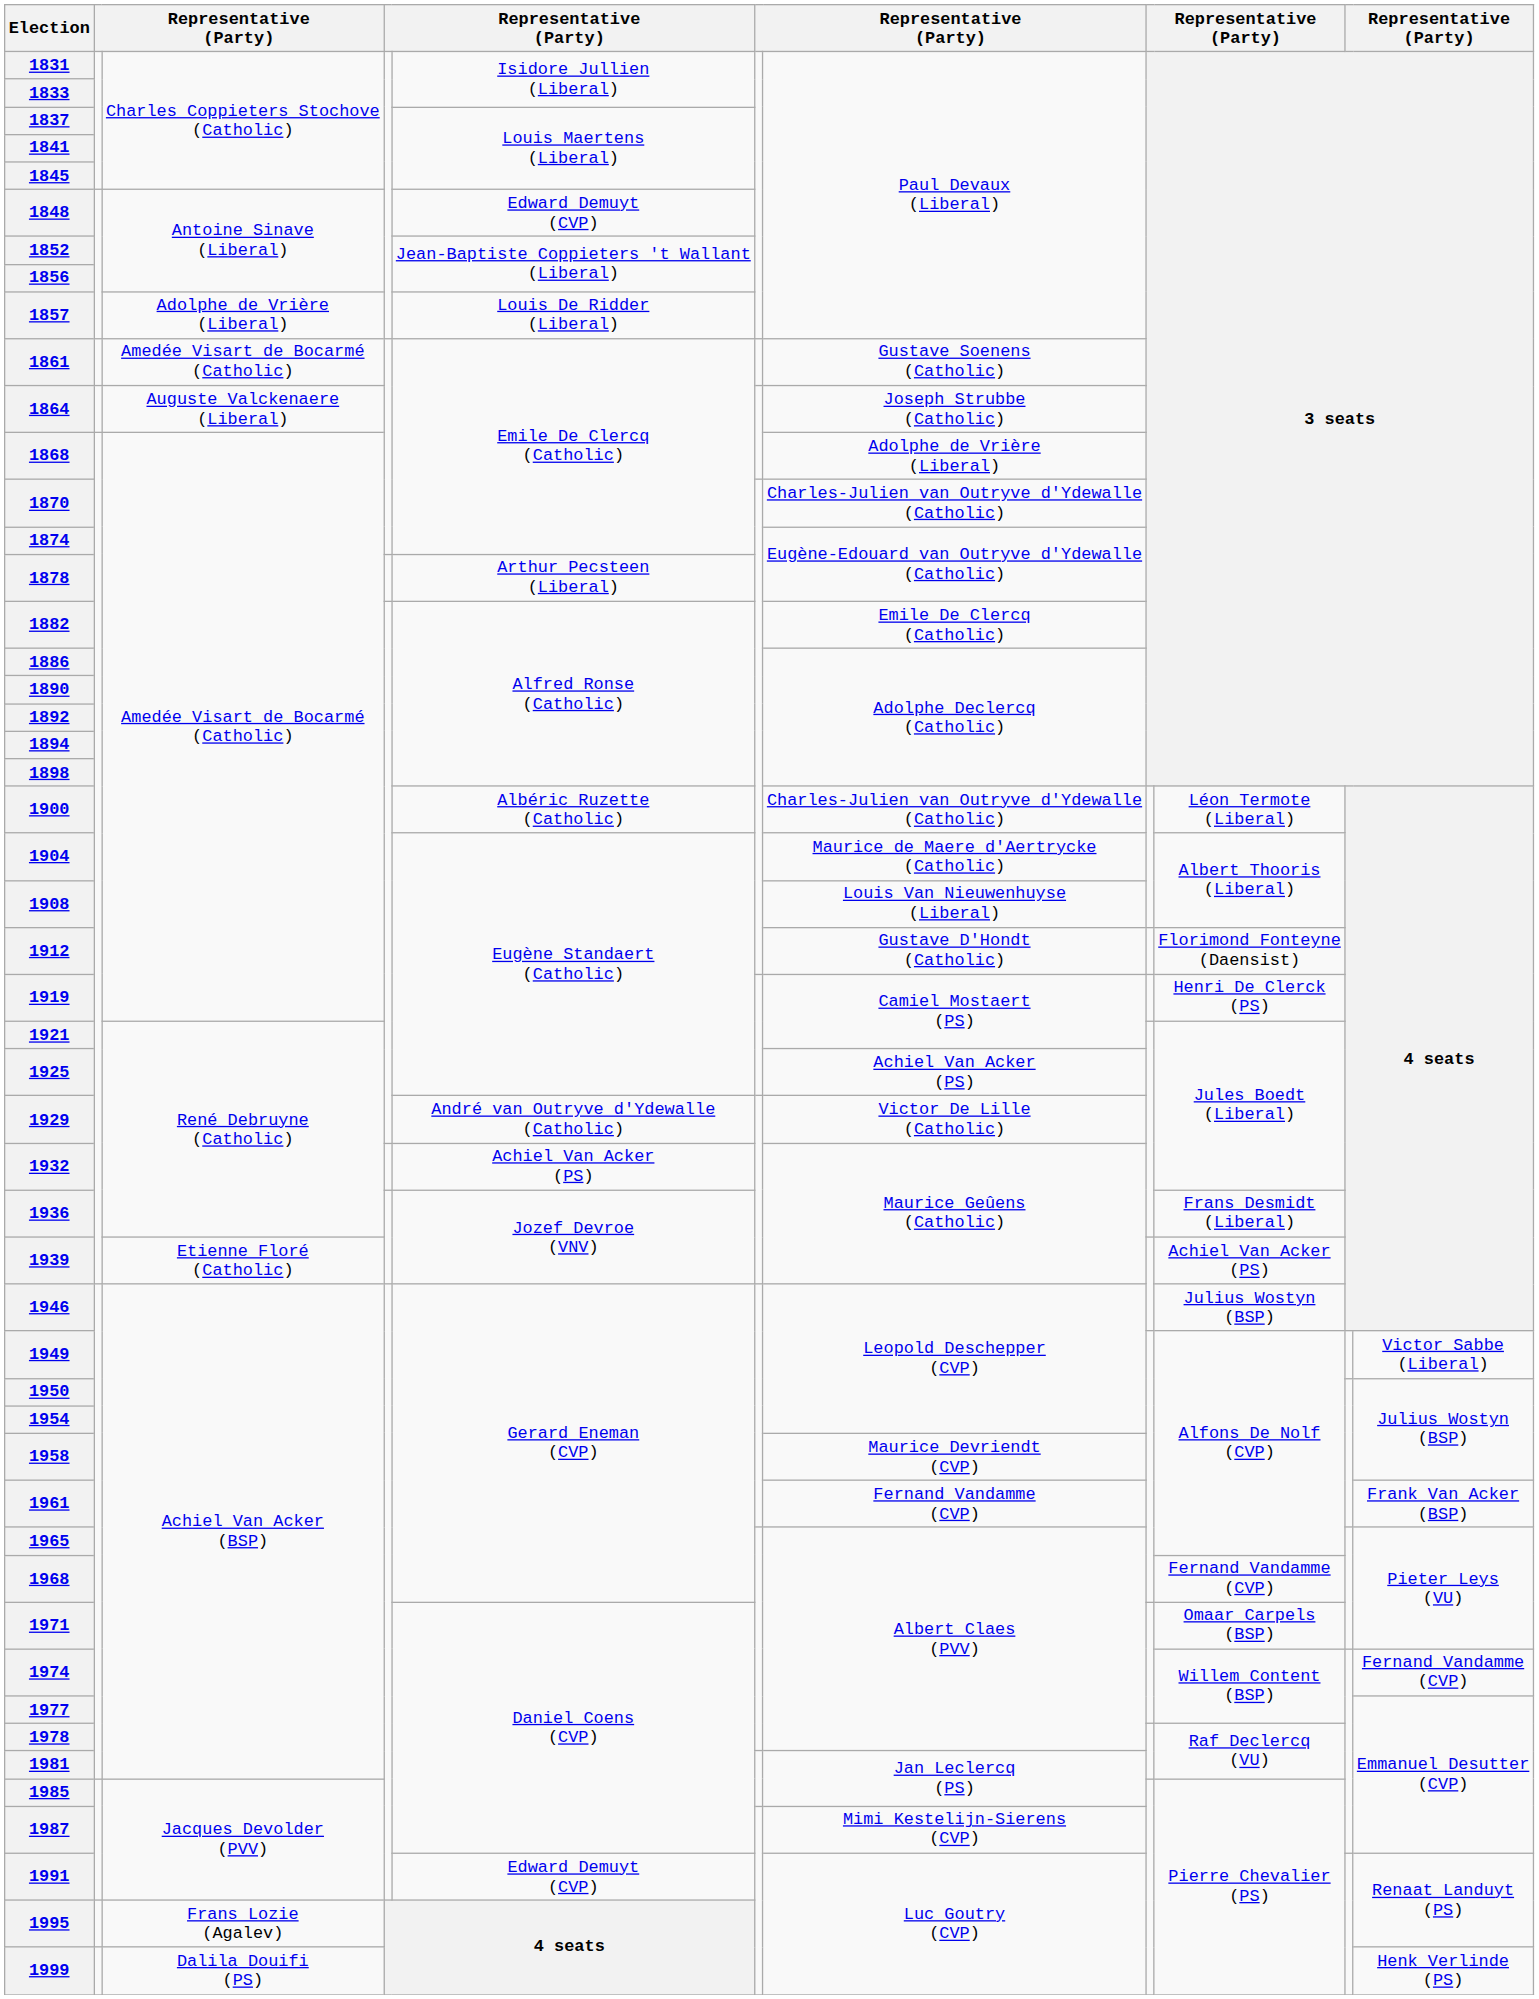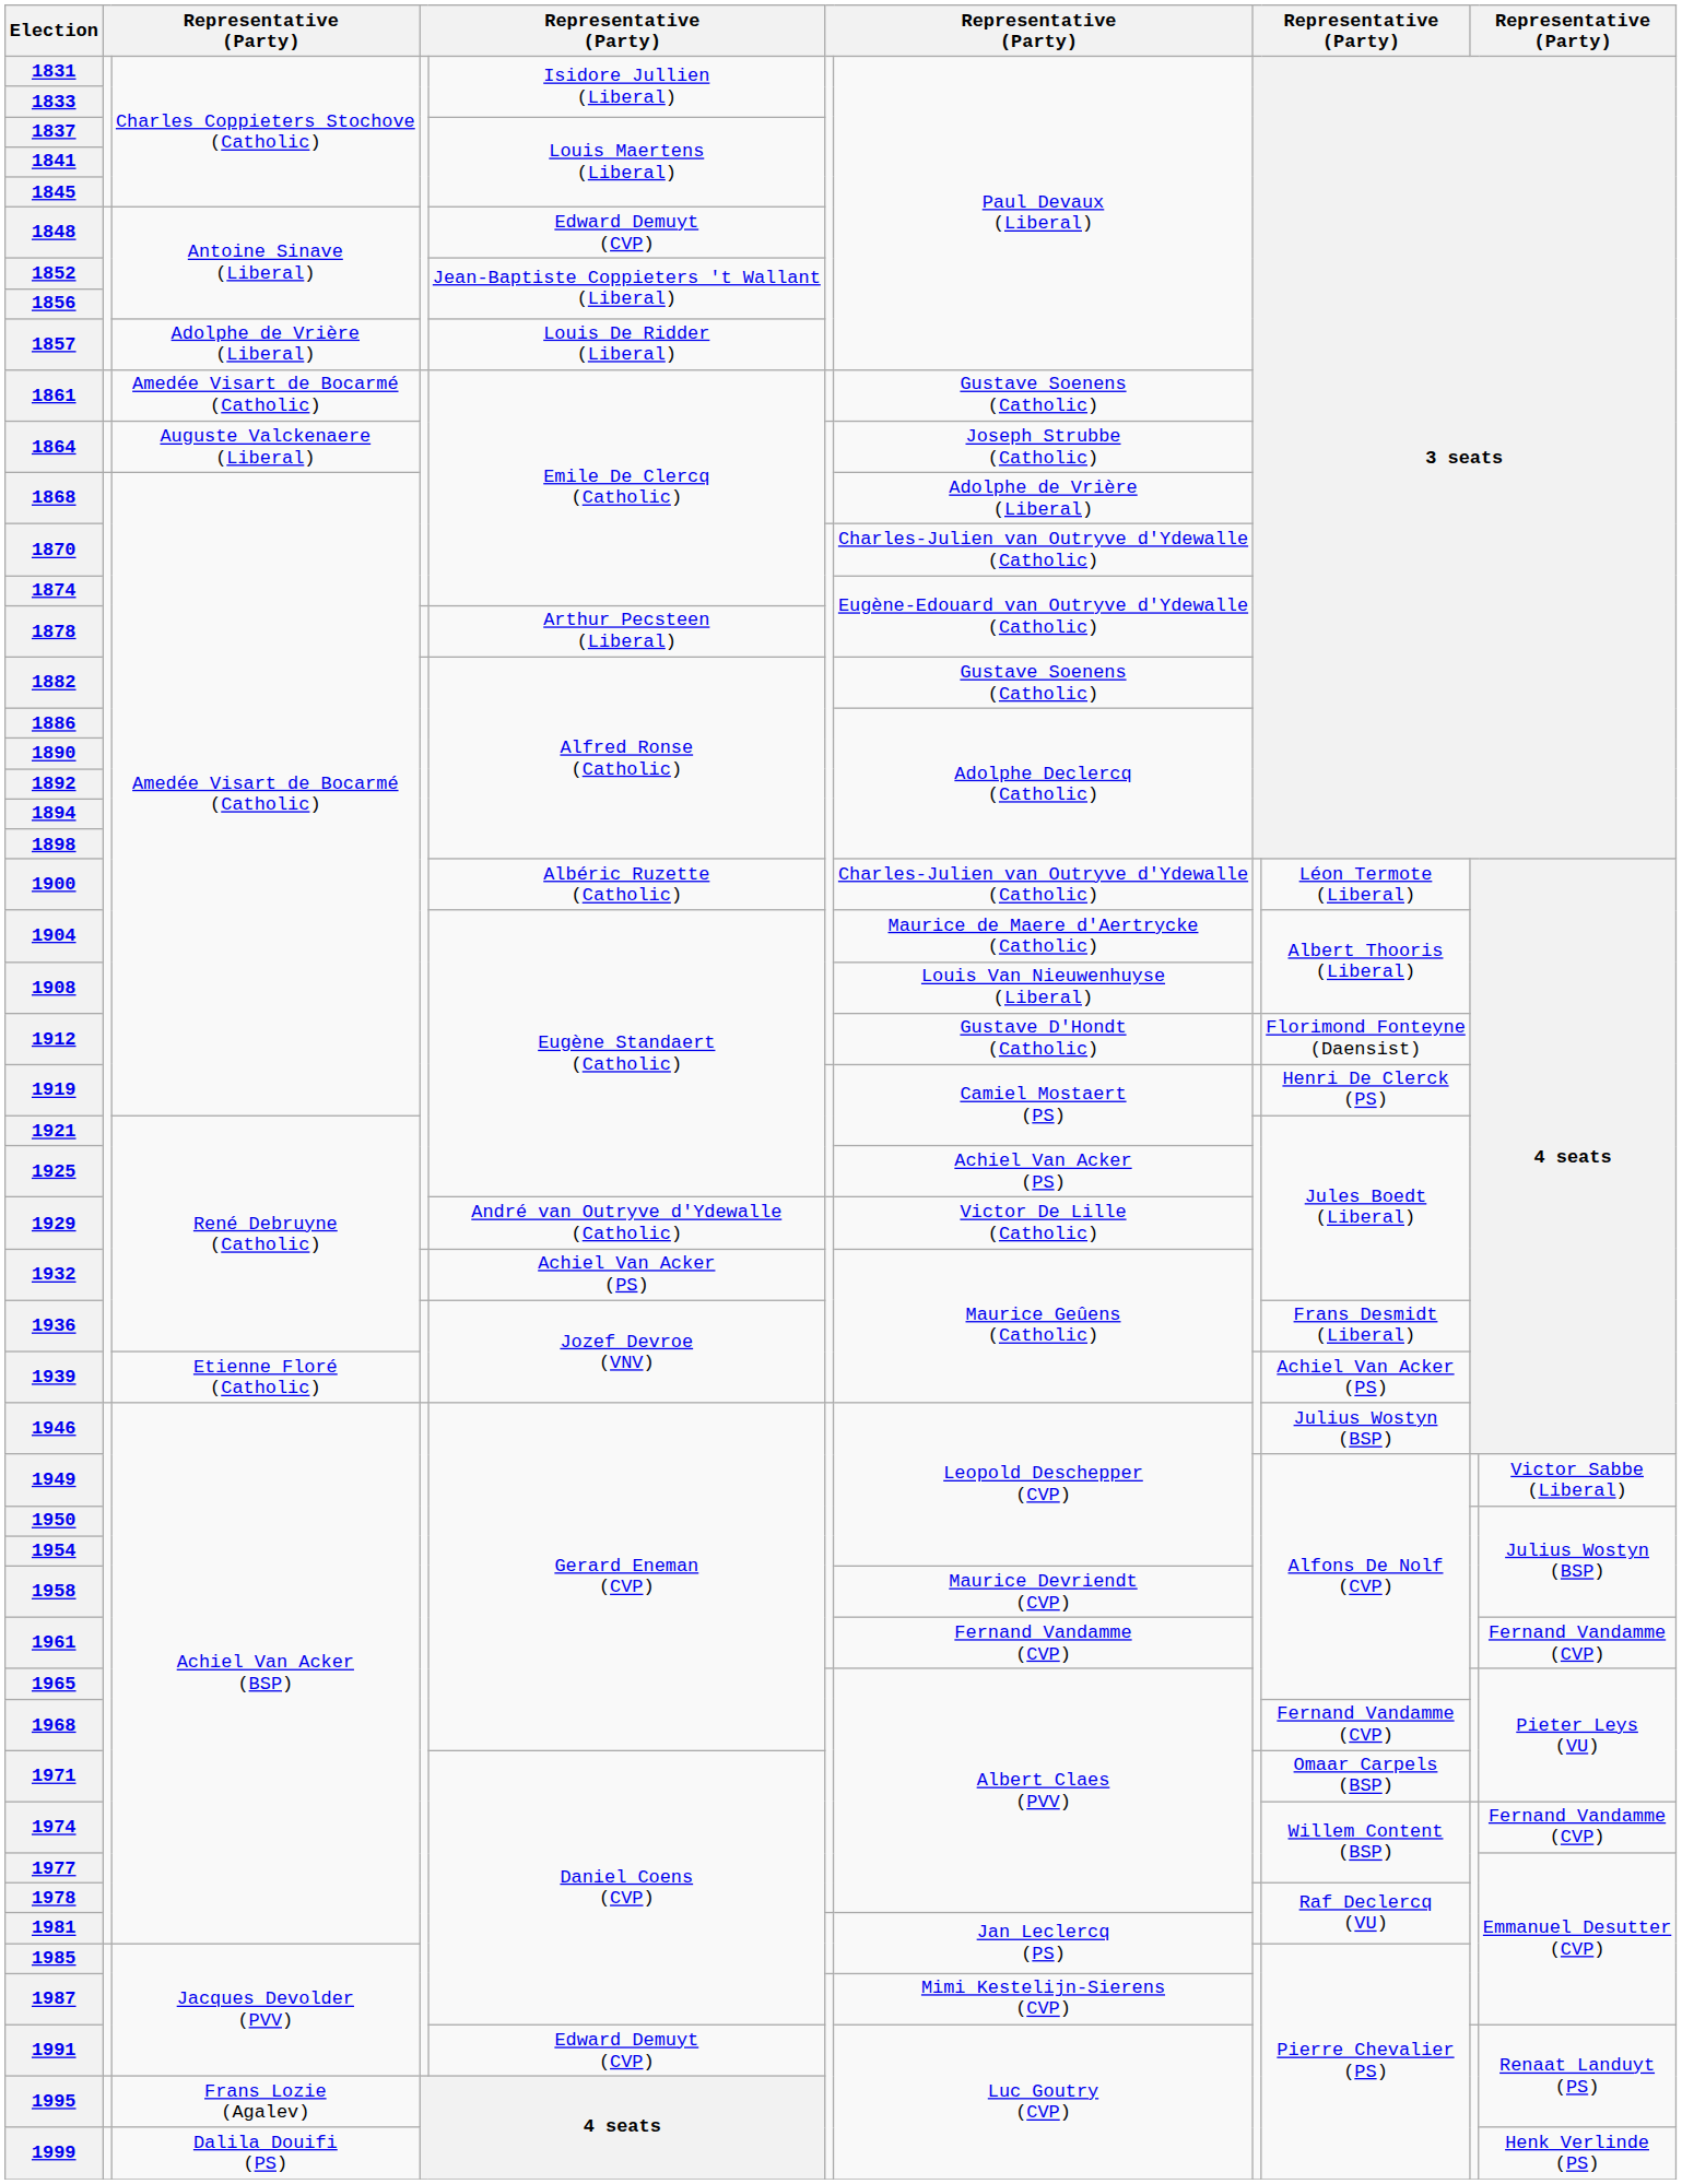 <table class="wikitable" style="text-align:center">
 <tr>
 <th>Election</th>
 <th colspan=2>Representative<br>(Party)</th>
 <th colspan=2>Representative<br>(Party)</th>
 <th colspan=2>Representative<br>(Party)</th>
 <th colspan=2>Representative<br>(Party)</th>
 <th colspan=2>Representative<br>(Party)</th>
 </tr>
 <tr>
 <th><a href='#'>1831</a></th>
 <td rowspan=5; style="background-color: "></td>
 <td rowspan=5><a href='#'>Charles Coppieters Stochove</a><br>(<a href='#'>Catholic</a>)</td>
 <td rowspan=9; style="background-color: "></td>
 <td rowspan=2><a href='#'>Isidore Jullien</a><br>(<a href='#'>Liberal</a>)</td>
 <td rowspan=9; style="background-color: "></td>
 <td rowspan=9><a href='#'>Paul Devaux</a><br>(<a href='#'>Liberal</a>)</td>
 <th colspan=4; rowspan=21>3 seats</th>
 </tr>
 <tr>
 <th><a href='#'>1833</a></th>
 </tr>
 <tr>
 <th><a href='#'>1837</a></th>
 <td rowspan=3><a href='#'>Louis Maertens</a><br>(<a href='#'>Liberal</a>)</td>
 </tr>
 <tr>
 <th><a href='#'>1841</a></th>
 </tr>
 <tr>
 <th><a href='#'>1845</a></th>
 </tr>
 <tr>
 <th><a href='#'>1848</a></th>
 <td rowspan=4; style="background-color: "></td>
 <td rowspan=3><a href='#'>Antoine Sinave</a><br>(<a href='#'>Liberal</a>)</td>
 <td rowspan=1><a href='#'>Edward Demuyt</a><br>(<a href='#'>CVP</a>)</td>
 </tr>
 <tr>
 <th><a href='#'>1852</a></th>
 <td rowspan=2><a href='#'>Jean-Baptiste Coppieters 't Wallant</a><br>(<a href='#'>Liberal</a>)</td>
 </tr>
 <tr>
 <th><a href='#'>1856</a></th>
 </tr>
 <tr>
 <th><a href='#'>1857</a></th>
 <td rowspan=1><a href='#'>Adolphe de Vrière</a><br>(<a href='#'>Liberal</a>)</td>
 <td rowspan=1><a href='#'>Louis De Ridder</a><br>(<a href='#'>Liberal</a>)</td>
 </tr>
 <tr>
 <th><a href='#'>1861</a></th>
 <td rowspan=1; style="background-color: "></td>
 <td rowspan=1><a href='#'>Amedée Visart de Bocarmé</a><br>(<a href='#'>Catholic</a>)</td>
 <td rowspan=5; style="background-color: "></td>
 <td rowspan=5><a href='#'>Emile De Clercq</a><br>(<a href='#'>Catholic</a>)</td>
 <td rowspan=1; style="background-color: "></td>
 <td rowspan=1><a href='#'>Gustave Soenens</a><br>(<a href='#'>Catholic</a>)</td>
 </tr>
 <tr>
 <th><a href='#'>1864</a></th>
 <td rowspan=1; style="background-color: "></td>
 <td rowspan=1><a href='#'>Auguste Valckenaere</a><br>(<a href='#'>Liberal</a>)</td>
 <td rowspan=2; style="background-color: "></td>
 <td rowspan=1><a href='#'>Joseph Strubbe</a><br>(<a href='#'>Catholic</a>)</td>
 </tr>
 <tr>
 <th><a href='#'>1868</a></th>
 <td rowspan=21; style="background-color: "></td>
 <td rowspan=15><a href='#'>Amedée Visart de Bocarmé</a><br>(<a href='#'>Catholic</a>)</td>
 <td rowspan=1><a href='#'>Adolphe de Vrière</a><br>(<a href='#'>Liberal</a>)</td>
 </tr>
 <tr>
 <th><a href='#'>1870</a></th>
 <td rowspan=13; style="background-color: "></td>
 <td rowspan=1><a href='#'>Charles-Julien van Outryve d'Ydewalle</a><br>(<a href='#'>Catholic</a>)</td>
 </tr>
 <tr>
 <th><a href='#'>1874</a></th>
 <td rowspan=2><a href='#'>Eugène-Edouard van Outryve d'Ydewalle</a><br>(<a href='#'>Catholic</a>)</td>
 </tr>
 <tr>
 <th><a href='#'>1878</a></th>
 <td rowspan=1; style="background-color: "></td>
 <td rowspan=1><a href='#'>Arthur Pecsteen</a><br>(<a href='#'>Liberal</a>)</td>
 </tr>
 <tr>
 <th><a href='#'>1882</a></th>
 <td rowspan=14; style="background-color: "></td>
 <td rowspan=6><a href='#'>Alfred Ronse</a><br>(<a href='#'>Catholic</a>)</td>
-<td rowspan=1><a href='#'>Emile De Clercq</a><br>(<a href='#'>Catholic</a>)</td>
+<td rowspan=1><a href='#'>Gustave Soenens</a><br>(<a href='#'>Catholic</a>)</td>
 </tr>
 <tr>
 <th><a href='#'>1886</a></th>
 <td rowspan=5><a href='#'>Adolphe Declercq</a><br>(<a href='#'>Catholic</a>)</td>
 </tr>
 <tr>
 <th><a href='#'>1890</a></th>
 </tr>
 <tr>
 <th><a href='#'>1892</a></th>
 </tr>
 <tr>
 <th><a href='#'>1894</a></th>
 </tr>
 <tr>
 <th><a href='#'>1898</a></th>
 </tr>
 <tr>
 <th><a href='#'>1900</a></th>
 <td rowspan=1><a href='#'>Albéric Ruzette</a><br>(<a href='#'>Catholic</a>)</td>
 <td rowspan=1><a href='#'>Charles-Julien van Outryve d'Ydewalle</a><br>(<a href='#'>Catholic</a>)</td>
 <td rowspan=3; style="background-color: "></td>
 <td rowspan=1><a href='#'>Léon Termote</a><br>(<a href='#'>Liberal</a>)</td>
 <th colspan=2; rowspan=12>4 seats</th>
 </tr>
 <tr>
 <th><a href='#'>1904</a></th>
 <td rowspan=6><a href='#'>Eugène Standaert</a><br>(<a href='#'>Catholic</a>)</td>
 <td rowspan=1><a href='#'>Maurice de Maere d'Aertrycke</a><br>(<a href='#'>Catholic</a>)</td>
 <td rowspan=2><a href='#'>Albert Thooris</a><br>(<a href='#'>Liberal</a>)</td>
 </tr>
 <tr>
 <th><a href='#'>1908</a></th>
 <td rowspan=1><a href='#'>Louis Van Nieuwenhuyse</a><br>(<a href='#'>Liberal</a>)</td>
 </tr>
 <tr>
 <th><a href='#'>1912</a></th>
 <td rowspan=1><a href='#'>Gustave D'Hondt</a><br>(<a href='#'>Catholic</a>)</td>
 <td rowspan=1; style="background-color: "></td>
 <td rowspan=1><a href='#'>Florimond Fonteyne</a><br>(Daensist)</td>
 </tr>
 <tr>
 <th><a href='#'>1919</a></th>
 <td rowspan=3; style="background-color: "></td>
 <td rowspan=2><a href='#'>Camiel Mostaert</a><br>(<a href='#'>PS</a>)</td>
 <td rowspan=1; style="background-color: "></td>
 <td rowspan=1><a href='#'>Henri De Clerck</a><br>(<a href='#'>PS</a>)</td>
 </tr>
 <tr>
 <th><a href='#'>1921</a></th>
 <td rowspan=5><a href='#'>René Debruyne</a><br>(<a href='#'>Catholic</a>)</td>
 <td rowspan=5; style="background-color: "></td>
 <td rowspan=4><a href='#'>Jules Boedt</a><br>(<a href='#'>Liberal</a>)</td>
 </tr>
 <tr>
 <th><a href='#'>1925</a></th>
 <td rowspan=1><a href='#'>Achiel Van Acker</a><br>(<a href='#'>PS</a>)</td>
 </tr>
 <tr>
 <th><a href='#'>1929</a></th>
 <td rowspan=1><a href='#'>André van Outryve d'Ydewalle</a><br>(<a href='#'>Catholic</a>)</td>
 <td rowspan=4; style="background-color: "></td>
 <td rowspan=1><a href='#'>Victor De Lille</a><br>(<a href='#'>Catholic</a>)</td>
 </tr>
 <tr>
 <th><a href='#'>1932</a></th>
 <td rowspan=1; style="background-color: "></td>
 <td rowspan=1><a href='#'>Achiel Van Acker</a><br>(<a href='#'>PS</a>)</td>
 <td rowspan=3><a href='#'>Maurice Geûens</a><br>(<a href='#'>Catholic</a>)</td>
 </tr>
 <tr>
 <th><a href='#'>1936</a></th>
 <td rowspan=2; style="background-color: "></td>
 <td rowspan=2><a href='#'>Jozef Devroe</a><br>(<a href='#'>VNV</a>)</td>
 <td rowspan=1><a href='#'>Frans Desmidt</a><br>(<a href='#'>Liberal</a>)</td>
 </tr>
 <tr>
 <th><a href='#'>1939</a></th>
 <td rowspan=1><a href='#'>Etienne Floré</a><br>(<a href='#'>Catholic</a>)</td>
 <td rowspan=2; style="background-color: "></td>
 <td rowspan=1><a href='#'>Achiel Van Acker</a><br>(<a href='#'>PS</a>)</td>
 </tr>
 <tr>
 <th><a href='#'>1946</a></th>
 <td rowspan=13; style="background-color: "></td>
 <td rowspan=13><a href='#'>Achiel Van Acker</a><br>(<a href='#'>BSP</a>)</td>
 <td rowspan=16; style="background-color: "></td>
 <td rowspan=8><a href='#'>Gerard Eneman</a><br>(<a href='#'>CVP</a>)</td>
 <td rowspan=6; style="background-color: "></td>
 <td rowspan=4><a href='#'>Leopold Deschepper</a><br>(<a href='#'>CVP</a>)</td>
 <td rowspan=1><a href='#'>Julius Wostyn</a><br>(<a href='#'>BSP</a>)</td>
 </tr>
 <tr>
 <th><a href='#'>1949</a></th>
 <td rowspan=7; style="background-color: "></td>
 <td rowspan=6><a href='#'>Alfons De Nolf</a><br>(<a href='#'>CVP</a>)</td>
 <td rowspan=1; style="background-color: "></td>
 <td rowspan=1><a href='#'>Victor Sabbe</a><br>(<a href='#'>Liberal</a>)</td>
 </tr>
 <tr>
 <th><a href='#'>1950</a></th>
 <td rowspan=4; style="background-color: "></td>
 <td rowspan=3><a href='#'>Julius Wostyn</a><br>(<a href='#'>BSP</a>)</td>
 </tr>
 <tr>
 <th><a href='#'>1954</a></th>
 </tr>
 <tr>
 <th><a href='#'>1958</a></th>
 <td rowspan=1><a href='#'>Maurice Devriendt</a><br>(<a href='#'>CVP</a>)</td>
 </tr>
 <tr>
 <th><a href='#'>1961</a></th>
 <td rowspan=1><a href='#'>Fernand Vandamme</a><br>(<a href='#'>CVP</a>)</td>
-<td rowspan=1><a href='#'>Frank Van Acker</a><br>(<a href='#'>BSP</a>)</td>
+<td rowspan=1><a href='#'>Fernand Vandamme</a><br>(<a href='#'>CVP</a>)</td>
 </tr>
 <tr>
 <th><a href='#'>1965</a></th>
 <td rowspan=6; style="background-color: "></td>
 <td rowspan=6><a href='#'>Albert Claes</a><br>(<a href='#'>PVV</a>)</td>
 <td rowspan=3; style="background-color: "></td>
 <td rowspan=3><a href='#'>Pieter Leys</a><br>(<a href='#'>VU</a>)</td>
 </tr>
 <tr>
 <th><a href='#'>1968</a></th>
 <td rowspan=1><a href='#'>Fernand Vandamme</a><br>(<a href='#'>CVP</a>)</td>
 </tr>
 <tr>
 <th><a href='#'>1971</a></th>
 <td rowspan=7><a href='#'>Daniel Coens</a><br>(<a href='#'>CVP</a>)</td>
 <td rowspan=3; style="background-color: "></td>
 <td rowspan=1><a href='#'>Omaar Carpels</a><br>(<a href='#'>BSP</a>)</td>
 </tr>
 <tr>
 <th><a href='#'>1974</a></th>
 <td rowspan=2><a href='#'>Willem Content</a><br>(<a href='#'>BSP</a>)</td>
 <td rowspan=6; style="background-color: "></td>
 <td rowspan=1><a href='#'>Fernand Vandamme</a><br>(<a href='#'>CVP</a>)</td>
 </tr>
 <tr>
 <th><a href='#'>1977</a></th>
 <td rowspan=5><a href='#'>Emmanuel Desutter</a><br>(<a href='#'>CVP</a>)</td>
 </tr>
 <tr>
 <th><a href='#'>1978</a></th>
 <td rowspan=2; style="background-color: "></td>
 <td rowspan=2><a href='#'>Raf Declercq</a><br>(<a href='#'>VU</a>)</td>
 </tr>
 <tr>
 <th><a href='#'>1981</a></th>
 <td rowspan=2; style="background-color: "></td>
 <td rowspan=2><a href='#'>Jan Leclercq</a><br>(<a href='#'>PS</a>)</td>
 </tr>
 <tr>
 <th><a href='#'>1985</a></th>
 <td rowspan=3; style="background-color: "></td>
 <td rowspan=3><a href='#'>Jacques Devolder</a><br>(<a href='#'>PVV</a>)</td>
 <td rowspan=5; style="background-color: "></td>
 <td rowspan=5><a href='#'>Pierre Chevalier</a><br>(<a href='#'>PS</a>)</td>
 </tr>
 <tr>
 <th><a href='#'>1987</a></th>
 <td rowspan=4; style="background-color: "></td>
 <td rowspan=1><a href='#'>Mimi Kestelijn-Sierens</a><br>(<a href='#'>CVP</a>)</td>
 </tr>
 <tr>
 <th><a href='#'>1991</a></th>
 <td rowspan=1><a href='#'>Edward Demuyt</a><br>(<a href='#'>CVP</a>)</td>
 <td rowspan=3><a href='#'>Luc Goutry</a><br>(<a href='#'>CVP</a>)</td>
 <td rowspan=3; style="background-color: "></td>
 <td rowspan=2><a href='#'>Renaat Landuyt</a><br>(<a href='#'>PS</a>)</td>
 </tr>
 <tr>
 <th><a href='#'>1995</a></th>
 <td rowspan=1; style="background-color: "></td>
 <td rowspan=1><a href='#'>Frans Lozie</a><br>(Agalev)</td>
 <th rowspan=2; colspan=2>4 seats</th>
 </tr>
 <tr>
 <th><a href='#'>1999</a></th>
 <td rowspan=1; style="background-color: "></td>
 <td rowspan=1><a href='#'>Dalila Douifi</a><br>(<a href='#'>PS</a>)</td>
 <td rowspan=1><a href='#'>Henk Verlinde</a><br>(<a href='#'>PS</a>)</td>
 </tr>
 </table>
